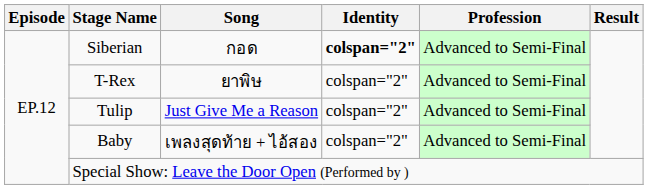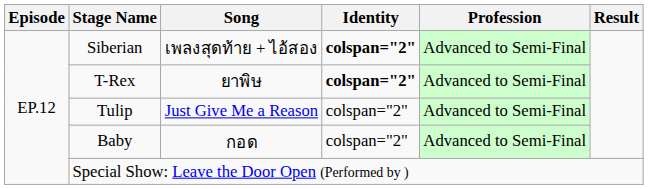 <table class="wikitable">
 <tr>
 <th>Episode</th>
 <th>Stage Name</th>
 <th>Song</th>
 <th>Identity</th>
 <th>Profession</th>
 <th>Result</th>
 </tr>
 <tr>
 <td rowspan="5" align="center">EP.12</td>
 <td style="text-align:center;">Siberian</td>
-<td style="text-align:center;">กอด</td>
+<td style="text-align:center;">เพลงสุดท้าย + ไอ้สอง</td>
 <td><strong>colspan="2" </strong></td>
 <td style="text-align:center; background:#ccffcc;">Advanced to Semi-Final</td>
 </tr>
 <tr>
 <td style="text-align:center;">T-Rex</td>
 <td style="text-align:center;">ยาพิษ</td>
-<td>colspan="2" </td>
+<td><strong>colspan="2" </strong></td>
 <td style="text-align:center; background:#ccffcc;">Advanced to Semi-Final</td>
 </tr>
 <tr>
 <td style="text-align:center;">Tulip</td>
 <td style="text-align:center;"><a href='#'>Just Give Me a Reason</a></td>
 <td>colspan="2" </td>
 <td style="text-align:center; background:#ccffcc;">Advanced to Semi-Final</td>
 </tr>
 <tr>
 <td style="text-align:center;">Baby</td>
-<td style="text-align:center;">เพลงสุดท้าย + ไอ้สอง</td>
+<td style="text-align:center;">กอด</td>
 <td>colspan="2" </td>
 <td style="text-align:center; background:#ccffcc;">Advanced to Semi-Final</td>
 </tr>
 <tr>
 <td colspan="6">Special Show: <a href='#'>Leave the Door Open</a> <small>(Performed by )</small></td>
 </tr>
 </table>
